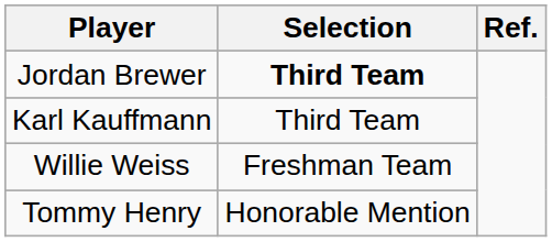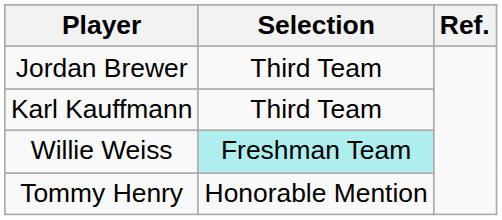 <table class="wikitable sortable sortable" style="text-align: center">
 <tr align=center>
 <th>Player</th>
 <th>Selection</th>
 <th>Ref.</th>
 </tr>
 <tr>
 <td>Jordan Brewer</td>
-<td><strong>Third Team</strong></td>
+<td>Third Team</td>
 <td rowspan="4"></td>
 </tr>
 <tr>
 <td>Karl Kauffmann</td>
 <td>Third Team</td>
 </tr>
 <tr>
 <td>Willie Weiss</td>
-<td>Freshman Team</td>
+<td style="background: paleturquoise;">Freshman Team</td>
 </tr>
 <tr>
 <td>Tommy Henry</td>
 <td>Honorable Mention</td>
 </tr>
 </table>
